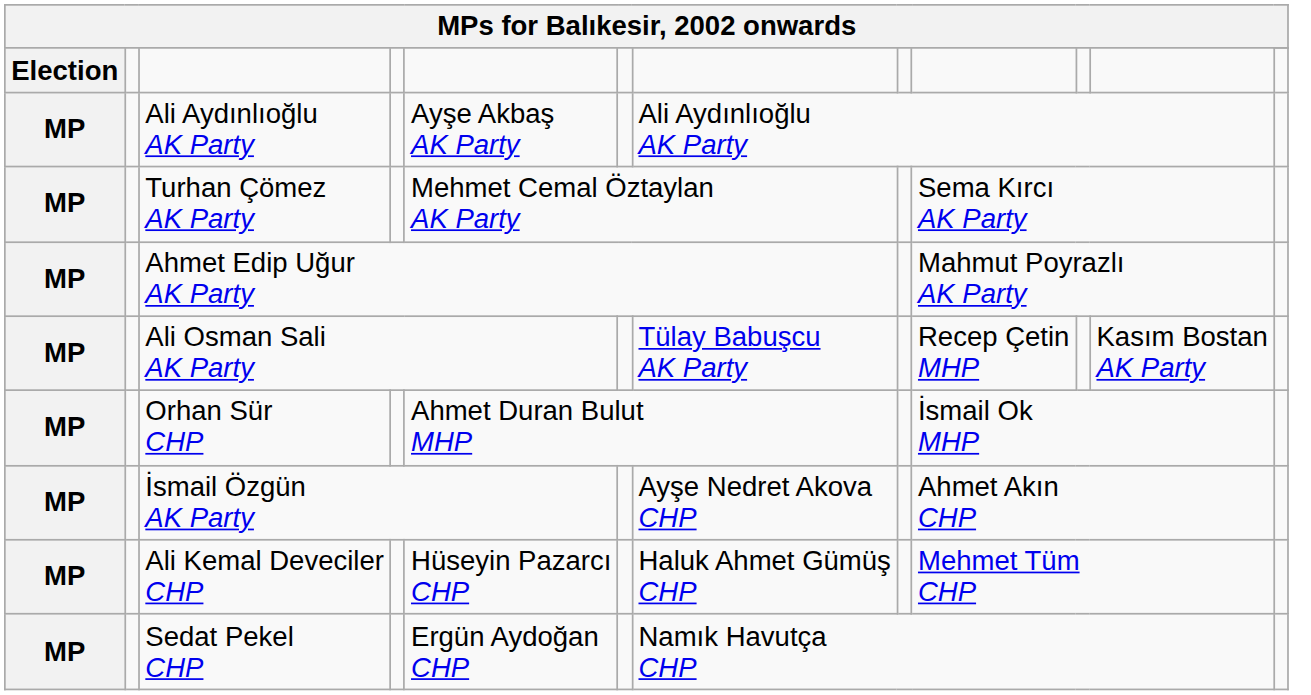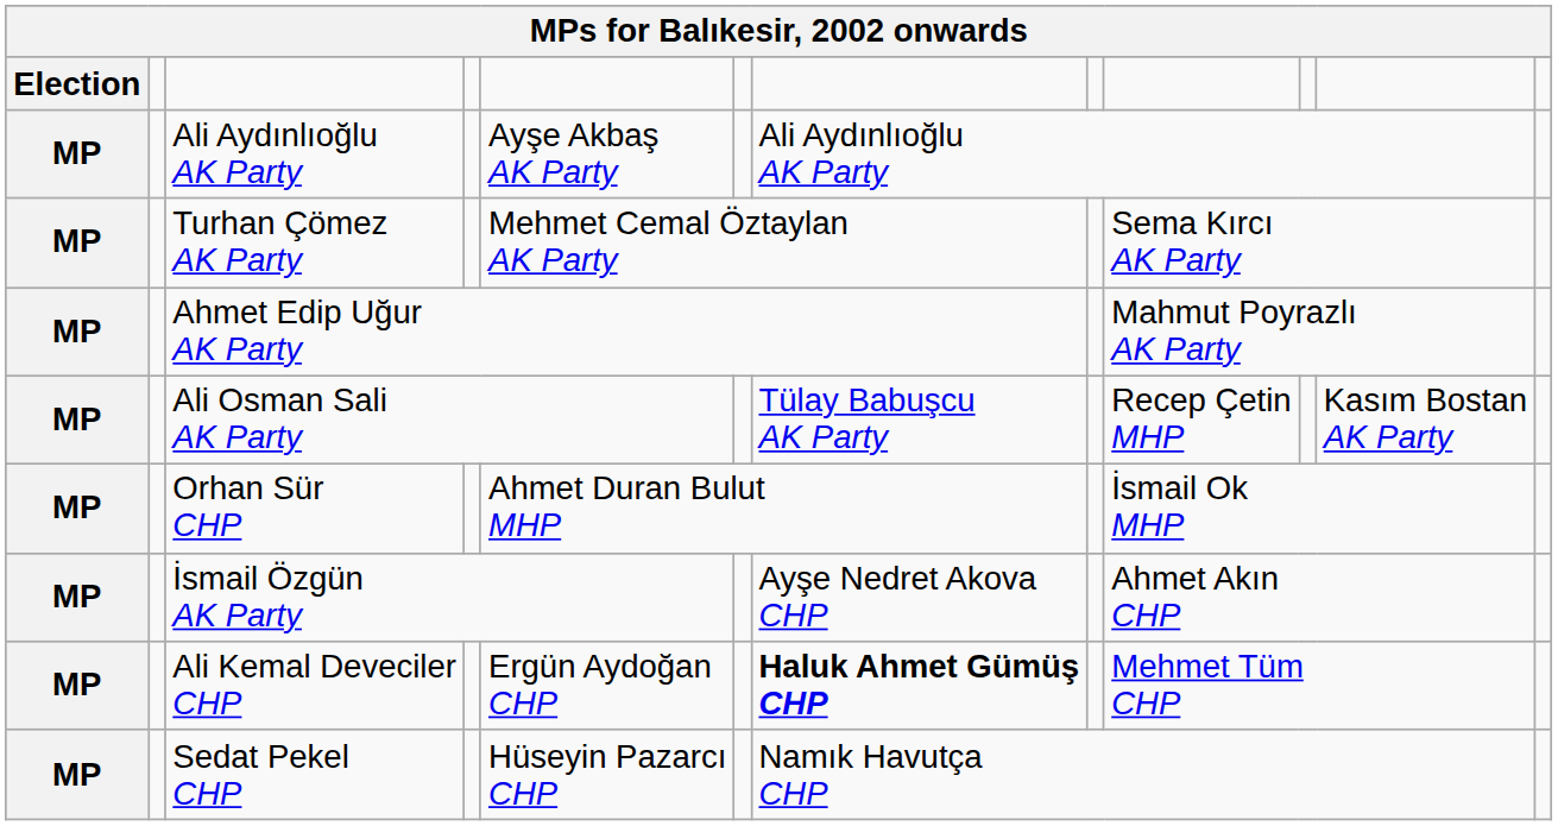 <table class="wikitable">
 <tr>
 <th colspan = 12>MPs for Balıkesir, 2002 onwards</th>
 </tr>
 <tr>
 <th rowspan = 2>Election</th>
 <td rowspan="2" style="width:1px;"></td>
 <td rowspan = 2></td>
 <td rowspan="2" style="width:1px;"></td>
 <td rowspan = 2></td>
 <td rowspan="2" style="width:1px;"></td>
 <td rowspan = 2></td>
 <td rowspan="2" style="width:1px;"></td>
 <td rowspan = 2></td>
 <td rowspan="2" style="width:1px;"></td>
 <td rowspan = 2></td>
 </tr>
 <tr>
 <td></td>
 </tr>
 <tr>
 <th>MP</th>
 <td width=1px style="background-color: "></td>
 <td colspan = 1>Ali Aydınlıoğlu<br><em><a href='#'>AK Party</a></em></td>
 <td width=1px style="background-color: "></td>
 <td colspan = 1>Ayşe Akbaş<br><em><a href='#'>AK Party</a></em></td>
 <td width=1px style="background-color: "></td>
 <td colspan = 5>Ali Aydınlıoğlu<br><em><a href='#'>AK Party</a></em></td>
 <td width=1px style="background-color: "></td>
 </tr>
 <tr>
 <th>MP</th>
 <td width=1px style="background-color: "></td>
 <td colspan = 1>Turhan Çömez<br><em><a href='#'>AK Party</a></em></td>
 <td width=1px style="background-color: "></td>
 <td colspan = 3>Mehmet Cemal Öztaylan<br><em><a href='#'>AK Party</a></em></td>
 <td width=1px style="background-color: "></td>
 <td colspan = 3>Sema Kırcı<br><em><a href='#'>AK Party</a></em></td>
 <td width=1px style="background-color: "></td>
 </tr>
 <tr>
 <th>MP</th>
 <td width=1px style="background-color: "></td>
 <td colspan = 5>Ahmet Edip Uğur<br><em><a href='#'>AK Party</a></em></td>
 <td width=1px style="background-color: "></td>
 <td colspan = 3>Mahmut Poyrazlı<br><em><a href='#'>AK Party</a></em></td>
 <td width=1px style="background-color: "></td>
 </tr>
 <tr>
 <th>MP</th>
 <td width=1px style="background-color: "></td>
 <td colspan = 3>Ali Osman Sali<br><em><a href='#'>AK Party</a></em></td>
 <td width=1px style="background-color: "></td>
 <td colspan = 1><a href='#'>Tülay Babuşcu</a><br><em><a href='#'>AK Party</a></em></td>
 <td width=1px style="background-color: "></td>
 <td colspan = 1>Recep Çetin<br><em><a href='#'>MHP</a></em></td>
 <td width=1px style="background-color: "></td>
 <td colspan = 1>Kasım Bostan<br><em><a href='#'>AK Party</a></em></td>
 <td width=1px style="background-color: "></td>
 </tr>
 <tr>
 <th>MP</th>
 <td width=1px style="background-color: "></td>
 <td colspan = 1>Orhan Sür<br><em><a href='#'>CHP</a></em></td>
 <td width=1px style="background-color: "></td>
 <td colspan = 3>Ahmet Duran Bulut<br><em><a href='#'>MHP</a></em></td>
 <td width=1px style="background-color: "></td>
 <td colspan = 3>İsmail Ok<br><em><a href='#'>MHP</a></em></td>
 <td width=1px style="background-color: "></td>
 </tr>
 <tr>
 <th>MP</th>
 <td width=1px style="background-color: "></td>
 <td colspan = 3>İsmail Özgün<br><em><a href='#'>AK Party</a></em></td>
 <td width=1px style="background-color: "></td>
 <td colspan = 1>Ayşe Nedret Akova<br><em><a href='#'>CHP</a></em></td>
 <td width=1px style="background-color: "></td>
 <td colspan = 3>Ahmet Akın<br><em><a href='#'>CHP</a></em></td>
 <td width=1px style="background-color: "></td>
 </tr>
 <tr>
 <th>MP</th>
 <td width=1px style="background-color: "></td>
 <td colspan = 1>Ali Kemal Deveciler<br><em><a href='#'>CHP</a></em></td>
 <td width=1px style="background-color: "></td>
-<td colspan = 1>Hüseyin Pazarcı<br><em><a href='#'>CHP</a></em></td>
+<td colspan = 1>Ergün Aydoğan<br><em><a href='#'>CHP</a></em></td>
 <td width=1px style="background-color: "></td>
-<td colspan = 1>Haluk Ahmet Gümüş<br><em><a href='#'>CHP</a></em></td>
+<td colspan = 1><strong>Haluk Ahmet Gümüş<br><em><a href='#'>CHP</a></em></strong></td>
 <td width=1px style="background-color: "></td>
 <td colspan = 3><a href='#'>Mehmet Tüm</a><br><em><a href='#'>CHP</a></em></td>
 <td width=1px style="background-color: "></td>
 </tr>
 <tr>
 <th>MP</th>
 <td width=1px style="background-color: "></td>
 <td colspan = 1>Sedat Pekel<br><em><a href='#'>CHP</a></em></td>
 <td width=1px style="background-color: "></td>
-<td colspan = 1>Ergün Aydoğan<br><em><a href='#'>CHP</a></em></td>
+<td colspan = 1>Hüseyin Pazarcı<br><em><a href='#'>CHP</a></em></td>
 <td width=1px style="background-color: "></td>
 <td colspan = 5>Namık Havutça<br><em><a href='#'>CHP</a></em></td>
 <td width=1px style="background-color: "></td>
 </tr>
 </table>
